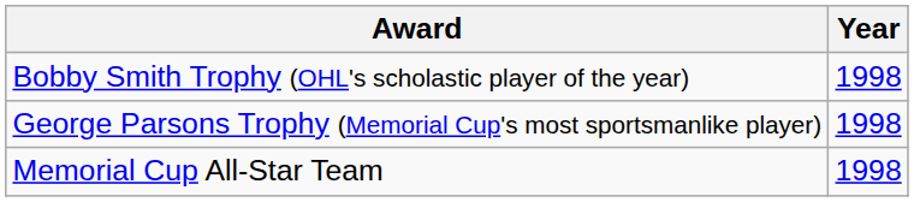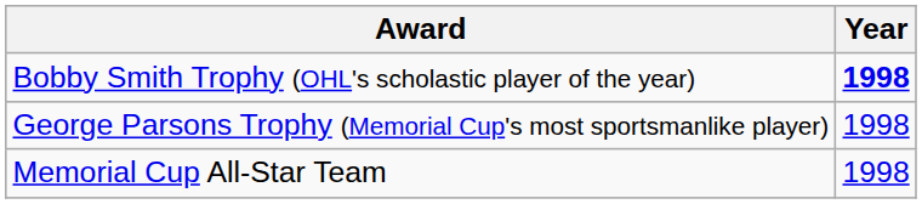 <table class="wikitable">
 <tr>
 <th>Award</th>
 <th>Year</th>
 </tr>
 <tr>
 <td><a href='#'>Bobby Smith Trophy</a> <small>(<a href='#'>OHL</a>'s scholastic player of the year)</small></td>
-<td><a href='#'>1998</a></td>
+<td><strong><a href='#'>1998</a></strong></td>
 </tr>
 <tr>
 <td><a href='#'>George Parsons Trophy</a> <small>(<a href='#'>Memorial Cup</a>'s most sportsmanlike player)</small></td>
 <td><a href='#'>1998</a></td>
 </tr>
 <tr>
 <td><a href='#'>Memorial Cup</a> All-Star Team</td>
 <td><a href='#'>1998</a></td>
 </tr>
 </table>
